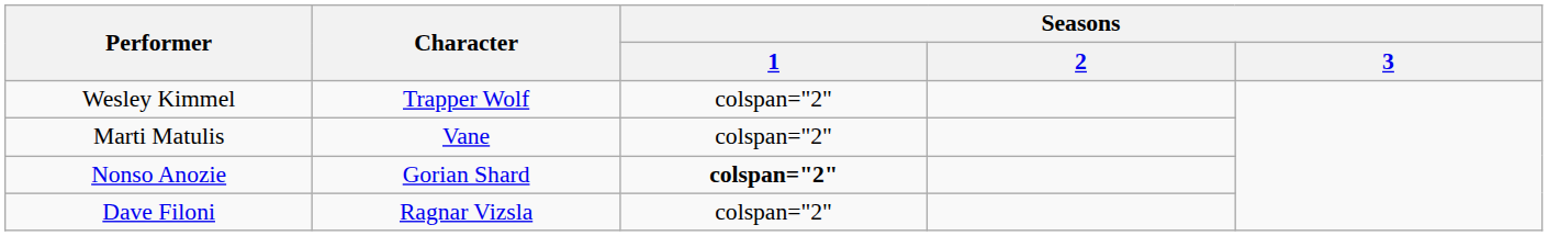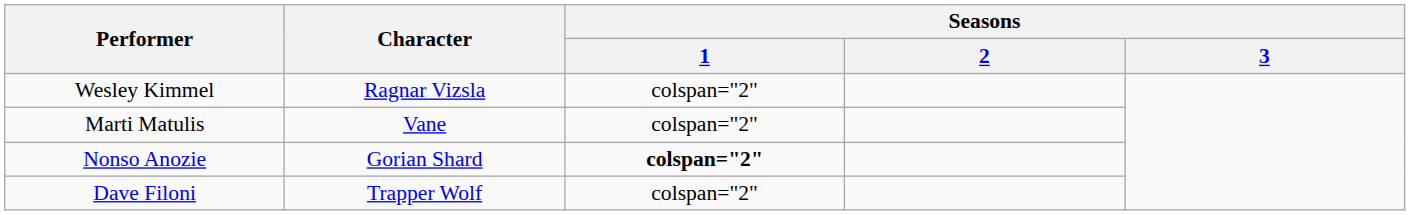 <table class="wikitable" style="text-align: center;">
 <tr>
 <th rowspan="2" style="width: 200px;">Performer</th>
 <th rowspan="2" style="width: 200px;">Character</th>
 <th colspan="3" style="width: 200px;">Seasons</th>
 </tr>
 <tr>
 <th style="width: 200px;"><a href='#'>1</a></th>
 <th style="width: 200px;"><a href='#'>2</a></th>
 <th style="width: 200px;"><a href='#'>3</a></th>
 </tr>
 <tr>
 <td>Wesley Kimmel</td>
-<td><a href='#'>Trapper Wolf</a></td>
+<td><a href='#'>Ragnar Vizsla</a></td>
 <td>colspan="2" </td>
 <td></td>
 </tr>
 <tr>
 <td>Marti Matulis</td>
 <td><a href='#'>Vane</a></td>
 <td>colspan="2" </td>
 <td></td>
 </tr>
 <tr>
 <td><a href='#'>Nonso Anozie</a> </td>
 <td><a href='#'>Gorian Shard</a></td>
 <td><strong>colspan="2" </strong></td>
 <td></td>
 </tr>
 <tr>
 <td><a href='#'>Dave Filoni</a></td>
-<td><a href='#'>Ragnar Vizsla</a></td>
+<td><a href='#'>Trapper Wolf</a></td>
 <td>colspan="2" </td>
 <td></td>
 </tr>
 </table>
